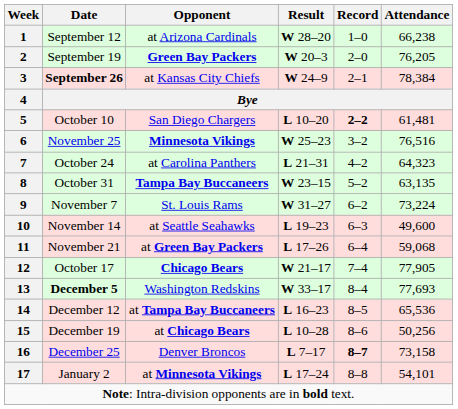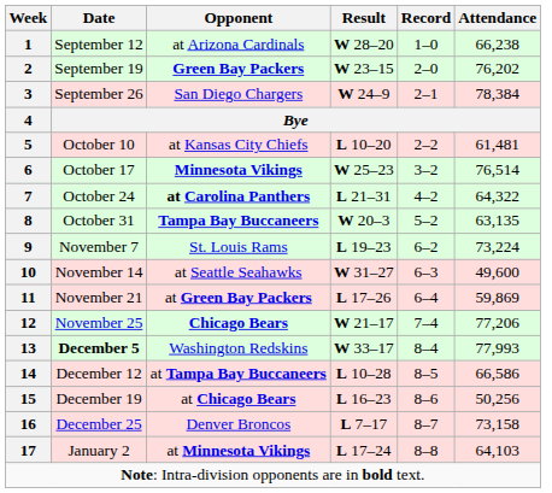 <table class="wikitable" style="text-align:center">
 <tr>
 <th>Week</th>
 <th>Date</th>
 <th>Opponent</th>
 <th>Result</th>
 <th>Record</th>
 <th>Attendance</th>
 </tr>
 <tr style="background:#ddffdd">
 <th>1</th>
 <td>September 12</td>
 <td>at <a href='#'>Arizona Cardinals</a></td>
 <td><strong>W</strong> 28–20</td>
 <td>1–0</td>
 <td>66,238</td>
 </tr>
 <tr style="background:#ddffdd">
 <th>2</th>
 <td>September 19</td>
 <td><strong><a href='#'>Green Bay Packers</a></strong></td>
-<td><strong>W</strong> 20–3</td>
+<td><strong>W</strong> 23–15</td>
 <td>2–0</td>
-<td>76,205</td>
+<td>76,202</td>
 </tr>
 <tr style="background:#ffdddd">
 <th>3</th>
-<td><strong>September 26</strong></td>
-<td>at <a href='#'>Kansas City Chiefs</a></td>
+<td>September 26</td>
+<td><a href='#'>San Diego Chargers</a></td>
 <td><strong>W</strong> 24–9</td>
 <td>2–1</td>
 <td>78,384</td>
 </tr>
 <tr>
 <th>4</th>
 <th colspan="6"><em>Bye</em></th>
 </tr>
 <tr style="background:#ffdddd">
 <th>5</th>
 <td>October 10</td>
-<td><a href='#'>San Diego Chargers</a></td>
+<td>at <a href='#'>Kansas City Chiefs</a></td>
 <td><strong>L</strong> 10–20</td>
-<td><strong>2–2</strong></td>
+<td>2–2</td>
 <td>61,481</td>
 </tr>
 <tr style="background:#ddffdd">
 <th>6</th>
-<td><a href='#'>November 25</a></td>
+<td>October 17</td>
 <td><strong><a href='#'>Minnesota Vikings</a></strong></td>
 <td><strong>W</strong> 25–23</td>
 <td>3–2</td>
-<td>76,516</td>
+<td>76,514</td>
 </tr>
 <tr style="background:#ddffdd">
 <th>7</th>
 <td>October 24</td>
-<td>at <a href='#'>Carolina Panthers</a></td>
+<td><strong>at <a href='#'>Carolina Panthers</a></strong></td>
 <td><strong>L</strong> 21–31</td>
 <td>4–2</td>
-<td>64,323</td>
+<td>64,322</td>
 </tr>
 <tr style="background:#ddffdd">
 <th>8</th>
 <td>October 31</td>
 <td><strong><a href='#'>Tampa Bay Buccaneers</a></strong></td>
-<td><strong>W</strong> 23–15</td>
+<td><strong>W</strong> 20–3</td>
 <td>5–2</td>
 <td>63,135</td>
 </tr>
 <tr style="background:#ddffdd">
 <th>9</th>
 <td>November 7</td>
 <td><a href='#'>St. Louis Rams</a></td>
-<td><strong>W</strong> 31–27</td>
+<td><strong>L</strong> 19–23</td>
 <td>6–2</td>
 <td>73,224</td>
 </tr>
 <tr style="background:#ffdddd">
 <th>10</th>
 <td>November 14</td>
 <td>at <a href='#'>Seattle Seahawks</a></td>
-<td><strong>L</strong> 19–23</td>
+<td><strong>W</strong> 31–27</td>
 <td>6–3</td>
 <td>49,600</td>
 </tr>
 <tr style="background:#ffdddd">
 <th>11</th>
 <td>November 21</td>
 <td>at <strong><a href='#'>Green Bay Packers</a></strong></td>
 <td><strong>L</strong> 17–26</td>
 <td>6–4</td>
-<td>59,068</td>
+<td>59,869</td>
 </tr>
 <tr style="background:#ddffdd">
 <th>12</th>
-<td>October 17</td>
+<td><a href='#'>November 25</a></td>
 <td><strong><a href='#'>Chicago Bears</a></strong></td>
 <td><strong>W</strong> 21–17</td>
 <td>7–4</td>
-<td>77,905</td>
+<td>77,206</td>
 </tr>
 <tr style="background:#ddffdd">
 <th>13</th>
 <td><strong>December 5</strong></td>
 <td><a href='#'>Washington Redskins</a></td>
 <td><strong>W</strong> 33–17</td>
 <td>8–4</td>
-<td>77,693</td>
+<td>77,993</td>
 </tr>
 <tr style="background:#ffdddd">
 <th>14</th>
 <td>December 12</td>
 <td>at <strong><a href='#'>Tampa Bay Buccaneers</a></strong></td>
-<td><strong>L</strong> 16–23</td>
+<td><strong>L</strong> 10–28</td>
 <td>8–5</td>
-<td>65,536</td>
+<td>66,586</td>
 </tr>
 <tr style="background:#ffdddd">
 <th>15</th>
 <td>December 19</td>
 <td>at <strong><a href='#'>Chicago Bears</a></strong></td>
-<td><strong>L</strong> 10–28</td>
+<td><strong>L</strong> 16–23</td>
 <td>8–6</td>
 <td>50,256</td>
 </tr>
 <tr style="background:#ffdddd">
 <th>16</th>
 <td><a href='#'>December 25</a></td>
 <td><a href='#'>Denver Broncos</a></td>
 <td><strong>L</strong> 7–17</td>
-<td><strong>8–7</strong></td>
+<td>8–7</td>
 <td>73,158</td>
 </tr>
 <tr style="background:#ffdddd">
 <th>17</th>
 <td>January 2</td>
 <td>at <strong><a href='#'>Minnesota Vikings</a></strong></td>
 <td><strong>L</strong> 17–24</td>
 <td>8–8</td>
-<td>54,101</td>
+<td>64,103</td>
 </tr>
 <tr>
 <td colspan="7"><strong>Note</strong>: Intra-division opponents are in <strong>bold</strong> text.</td>
 </tr>
 </table>
